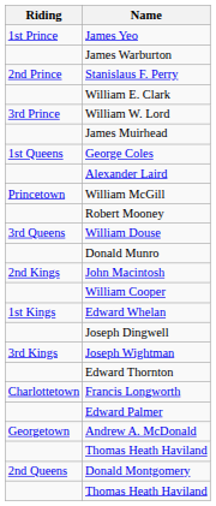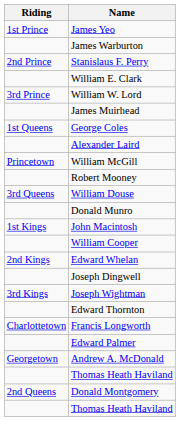 <table class="wikitable">
 <tr>
 <th>Riding</th>
 <th>Name</th>
 </tr>
 <tr>
 <td><a href='#'>1st Prince</a></td>
 <td><a href='#'>James Yeo</a></td>
 </tr>
 <tr>
 <td></td>
 <td>James Warburton</td>
 </tr>
 <tr>
 <td><a href='#'>2nd Prince</a></td>
 <td><a href='#'>Stanislaus F. Perry</a></td>
 </tr>
 <tr>
 <td></td>
 <td>William E. Clark</td>
 </tr>
 <tr>
 <td><a href='#'>3rd Prince</a></td>
 <td>William W. Lord</td>
 </tr>
 <tr>
 <td></td>
 <td>James Muirhead</td>
 </tr>
 <tr>
 <td><a href='#'>1st Queens</a></td>
 <td><a href='#'>George Coles</a></td>
 </tr>
 <tr>
 <td></td>
 <td><a href='#'>Alexander Laird</a></td>
 </tr>
 <tr>
 <td><a href='#'>Princetown</a></td>
 <td>William McGill</td>
 </tr>
 <tr>
 <td></td>
 <td>Robert Mooney</td>
 </tr>
 <tr>
 <td><a href='#'>3rd Queens</a></td>
 <td><a href='#'>William Douse</a></td>
 </tr>
 <tr>
 <td></td>
 <td>Donald Munro</td>
 </tr>
 <tr>
-<td><a href='#'>2nd Kings</a></td>
+<td><a href='#'>1st Kings</a></td>
 <td><a href='#'>John Macintosh</a></td>
 </tr>
 <tr>
 <td></td>
 <td><a href='#'>William Cooper</a></td>
 </tr>
 <tr>
-<td><a href='#'>1st Kings</a></td>
+<td><a href='#'>2nd Kings</a></td>
 <td><a href='#'>Edward Whelan</a></td>
 </tr>
 <tr>
 <td></td>
 <td>Joseph Dingwell</td>
 </tr>
 <tr>
 <td><a href='#'>3rd Kings</a></td>
 <td><a href='#'>Joseph Wightman</a></td>
 </tr>
 <tr>
 <td></td>
 <td>Edward Thornton</td>
 </tr>
 <tr>
 <td><a href='#'>Charlottetown</a></td>
 <td><a href='#'>Francis Longworth</a></td>
 </tr>
 <tr>
 <td></td>
 <td><a href='#'>Edward Palmer</a></td>
 </tr>
 <tr>
 <td><a href='#'>Georgetown</a></td>
 <td><a href='#'>Andrew A. McDonald</a></td>
 </tr>
 <tr>
 <td></td>
 <td><a href='#'>Thomas Heath Haviland</a></td>
 </tr>
 <tr>
 <td><a href='#'>2nd Queens</a></td>
 <td><a href='#'>Donald Montgomery</a></td>
 </tr>
 <tr>
 <td></td>
 <td><a href='#'>Thomas Heath Haviland</a></td>
 </tr>
 </table>
